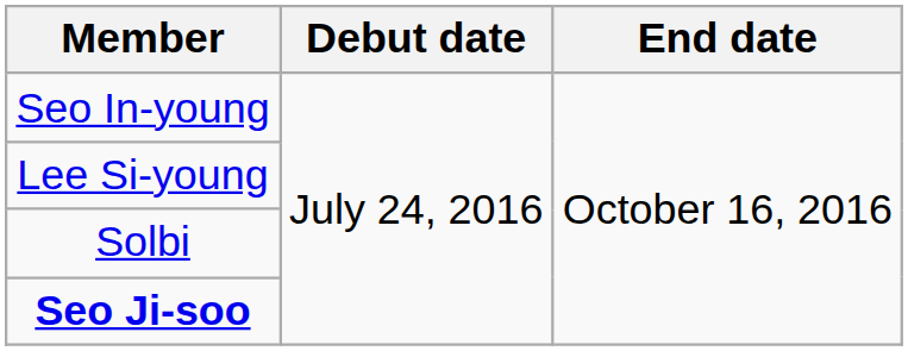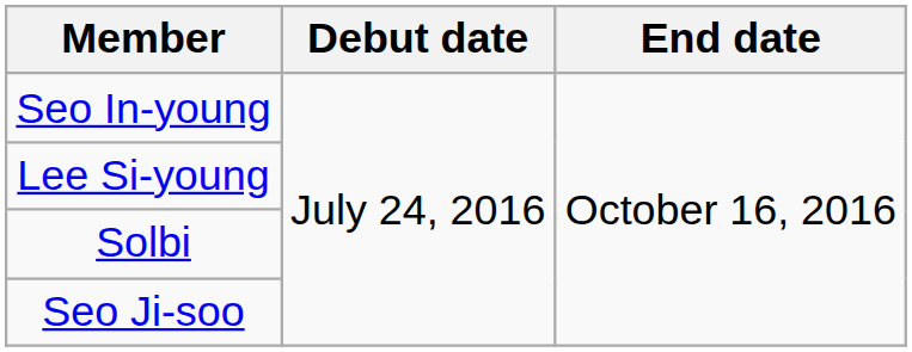 <table class="wikitable" style="text-align:center;">
 <tr>
 <th>Member</th>
 <th>Debut date</th>
 <th>End date</th>
 </tr>
 <tr>
 <td><a href='#'>Seo In-young</a></td>
 <td rowspan=4>July 24, 2016</td>
 <td rowspan=4>October 16, 2016</td>
 </tr>
 <tr>
 <td><a href='#'>Lee Si-young</a></td>
 </tr>
 <tr>
 <td><a href='#'>Solbi</a></td>
 </tr>
 <tr>
-<td><strong><a href='#'>Seo Ji-soo</a></strong></td>
+<td><a href='#'>Seo Ji-soo</a></td>
 </tr>
 </table>
